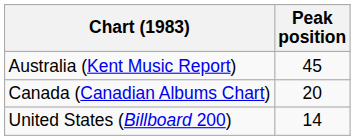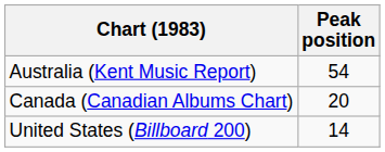 <table class="wikitable">
 <tr>
 <th scope="col">Chart (1983)</th>
 <th>Peak<br>position</th>
 </tr>
 <tr>
 <td>Australia (<a href='#'>Kent Music Report</a>)</td>
-<td style="text-align:center;">45</td>
+<td style="text-align:center;">54</td>
 </tr>
 <tr>
 <td>Canada (<a href='#'>Canadian Albums Chart</a>)</td>
 <td align="center">20</td>
 </tr>
 <tr>
 <td>United States (<a href='#'><em>Billboard</em> 200</a>)</td>
 <td style="text-align:center;">14</td>
 </tr>
 </table>
